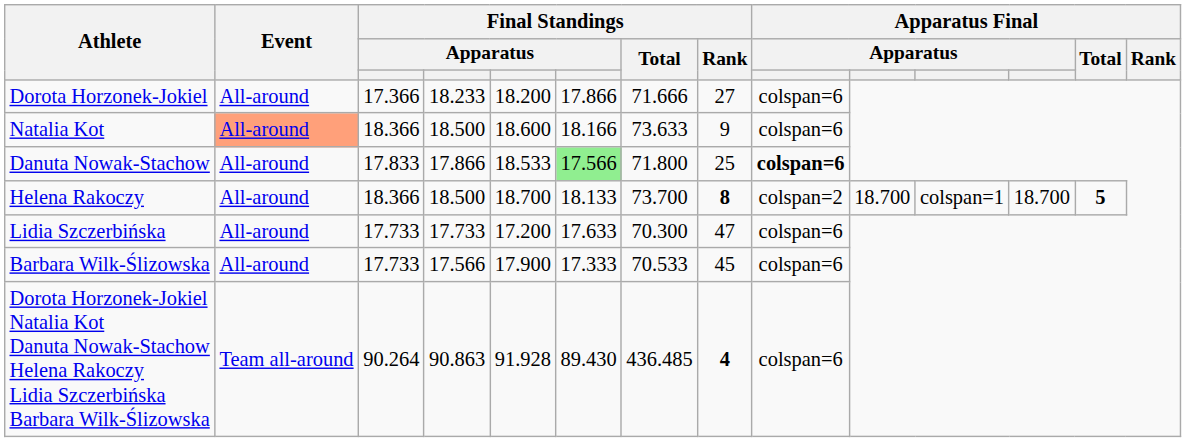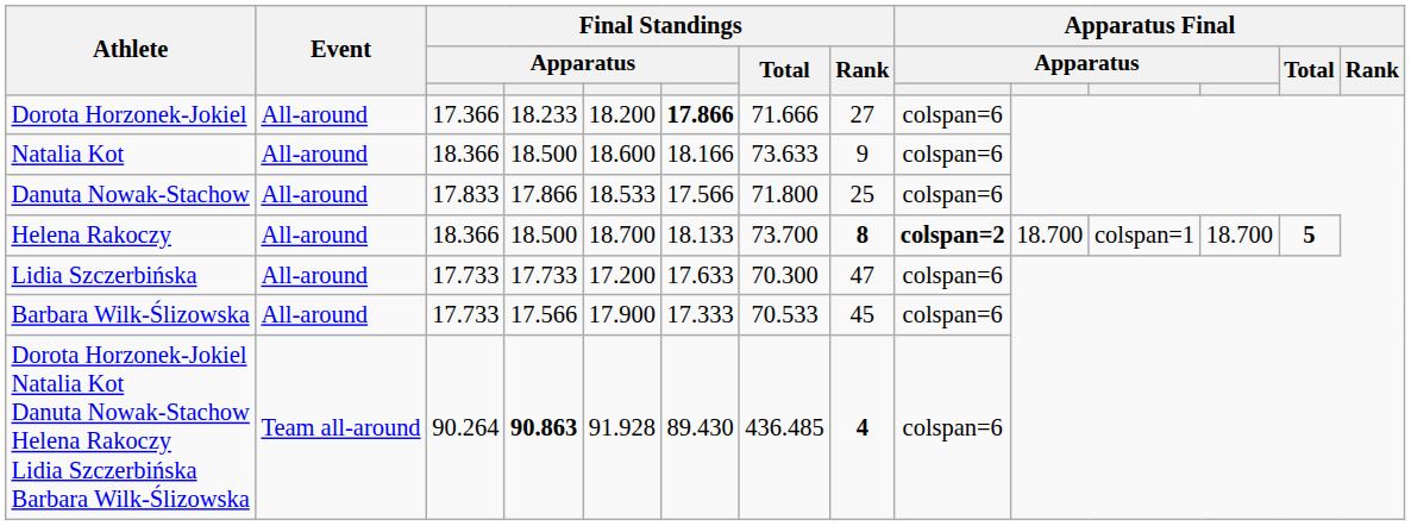 <table class="wikitable" style="font-size:90%">
 <tr>
 <th rowspan="3">Athlete</th>
 <th rowspan="3">Event</th>
 <th colspan =6>Final Standings</th>
 <th colspan =6>Apparatus Final</th>
 </tr>
 <tr style="font-size:95%">
 <th colspan=4>Apparatus</th>
 <th rowspan=2>Total</th>
 <th rowspan=2>Rank</th>
 <th colspan=4>Apparatus</th>
 <th rowspan=2>Total</th>
 <th rowspan=2>Rank</th>
 </tr>
 <tr style="font-size:95%">
 <th></th>
 <th></th>
 <th></th>
 <th></th>
 <th></th>
 <th></th>
 <th></th>
 <th></th>
 </tr>
 <tr align=center>
 <td align=left><a href='#'>Dorota Horzonek-Jokiel</a></td>
 <td align=left><a href='#'>All-around</a></td>
 <td>17.366</td>
 <td>18.233</td>
 <td>18.200</td>
-<td>17.866</td>
+<td><strong>17.866</strong></td>
 <td>71.666</td>
 <td>27</td>
 <td>colspan=6 </td>
 </tr>
 <tr align=center>
 <td align=left><a href='#'>Natalia Kot</a></td>
-<td align=left style="background: lightsalmon;"><a href='#'>All-around</a></td>
+<td align=left><a href='#'>All-around</a></td>
 <td>18.366</td>
 <td>18.500</td>
 <td>18.600</td>
 <td>18.166</td>
 <td>73.633</td>
 <td>9</td>
 <td>colspan=6 </td>
 </tr>
 <tr align=center>
 <td align=left><a href='#'>Danuta Nowak-Stachow</a></td>
 <td align=left><a href='#'>All-around</a></td>
 <td>17.833</td>
 <td>17.866</td>
 <td>18.533</td>
-<td style="background: lightgreen;">17.566</td>
+<td>17.566</td>
 <td>71.800</td>
 <td>25</td>
-<td><strong>colspan=6 </strong></td>
+<td>colspan=6 </td>
 </tr>
 <tr align=center>
 <td align=left><a href='#'>Helena Rakoczy</a></td>
 <td align=left><a href='#'>All-around</a></td>
 <td>18.366</td>
 <td>18.500</td>
 <td>18.700</td>
 <td>18.133</td>
 <td>73.700</td>
 <td><strong>8</strong></td>
-<td>colspan=2 </td>
+<td><strong>colspan=2 </strong></td>
 <td>18.700</td>
 <td>colspan=1 </td>
 <td>18.700</td>
 <td><strong>5</strong></td>
 </tr>
 <tr align=center>
 <td align=left><a href='#'>Lidia Szczerbińska</a></td>
 <td align=left><a href='#'>All-around</a></td>
 <td>17.733</td>
 <td>17.733</td>
 <td>17.200</td>
 <td>17.633</td>
 <td>70.300</td>
 <td>47</td>
 <td>colspan=6 </td>
 </tr>
 <tr align=center>
 <td align=left><a href='#'>Barbara Wilk-Ślizowska</a></td>
 <td align=left><a href='#'>All-around</a></td>
 <td>17.733</td>
 <td>17.566</td>
 <td>17.900</td>
 <td>17.333</td>
 <td>70.533</td>
 <td>45</td>
 <td>colspan=6 </td>
 </tr>
 <tr align=center>
 <td align=left><a href='#'>Dorota Horzonek-Jokiel</a><br><a href='#'>Natalia Kot</a><br><a href='#'>Danuta Nowak-Stachow</a><br><a href='#'>Helena Rakoczy</a><br><a href='#'>Lidia Szczerbińska</a><br><a href='#'>Barbara Wilk-Ślizowska</a></td>
 <td align=left><a href='#'>Team all-around</a></td>
 <td>90.264</td>
-<td>90.863</td>
+<td><strong>90.863</strong></td>
 <td>91.928</td>
 <td>89.430</td>
 <td>436.485</td>
 <td><strong>4</strong></td>
 <td>colspan=6 </td>
 </tr>
 </table>
